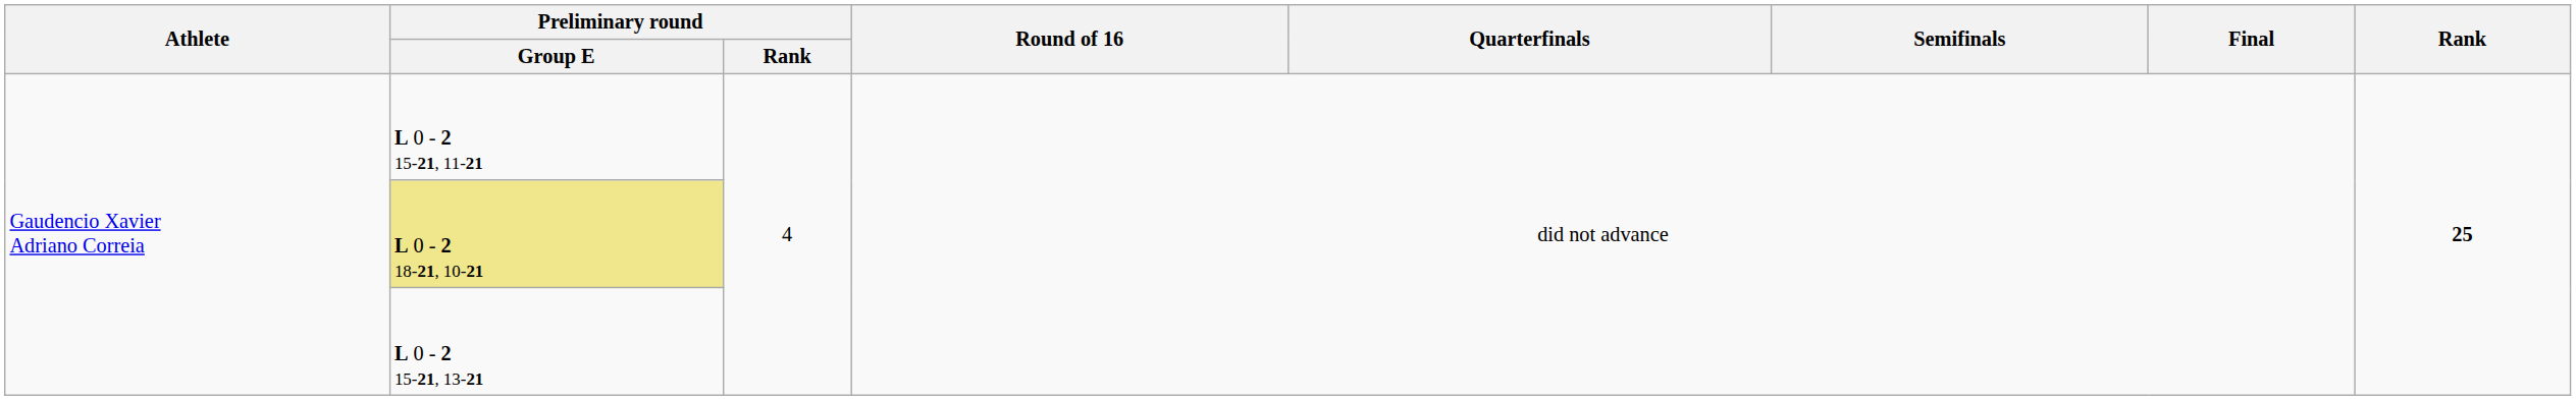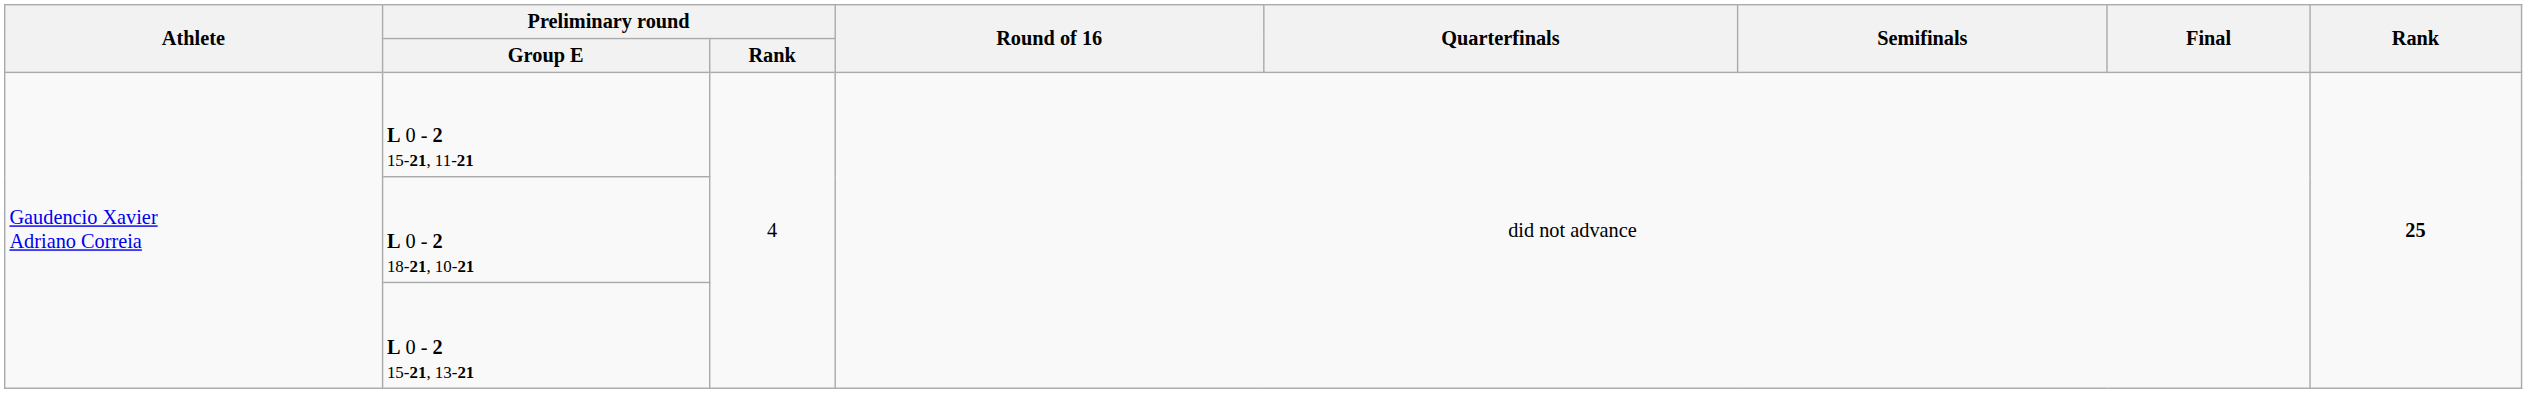 <table class=wikitable width="90%" style="font-size:90%; text-align:center">
 <tr>
 <th rowspan="2" width="15%">Athlete</th>
 <th colspan="2">Preliminary round</th>
 <th rowspan="2">Round of 16</th>
 <th rowspan="2">Quarterfinals</th>
 <th rowspan="2">Semifinals</th>
 <th rowspan="2">Final</th>
 <th rowspan="2">Rank</th>
 </tr>
 <tr>
 <th width="13%">Group E</th>
 <th width="5%">Rank</th>
 </tr>
 <tr>
 <td rowspan=3 align=left><a href='#'>Gaudencio Xavier</a><br><a href='#'>Adriano Correia</a></td>
 <td align=left><br><br><strong>L</strong> 0 - <strong>2</strong><br><small>15-<strong>21</strong>, 11-<strong>21</strong></small></td>
 <td rowspan=3>4</td>
 <td rowspan=3 colspan="4">did not advance</td>
 <td rowspan=3><strong>25</strong></td>
 </tr>
 <tr>
-<td align=left style="background: khaki;"><br><br><strong>L</strong> 0 - <strong>2</strong><br><small>18-<strong>21</strong>, 10-<strong>21</strong></small></td>
+<td align=left><br><br><strong>L</strong> 0 - <strong>2</strong><br><small>18-<strong>21</strong>, 10-<strong>21</strong></small></td>
 </tr>
 <tr>
 <td align=left><br><br><strong>L</strong> 0 - <strong>2</strong><br><small>15-<strong>21</strong>, 13-<strong>21</strong></small></td>
 </tr>
 </table>
